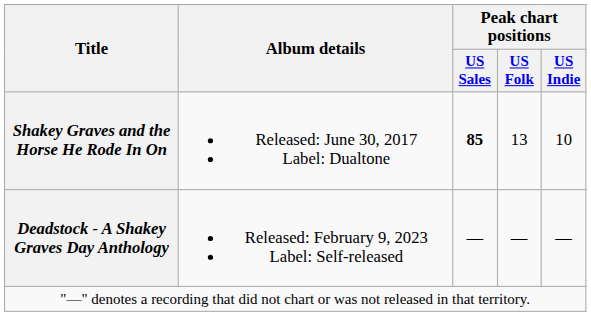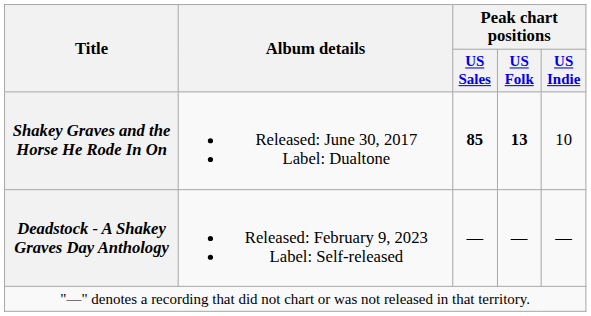 <table class="wikitable plainrowheaders" style="text-align:center;">
 <tr>
 <th scope="col" rowspan="2" style="width:10em;">Title</th>
 <th scope="col" rowspan="2" style="width:16em;">Album details</th>
 <th scope="col" colspan="3">Peak chart positions</th>
 </tr>
 <tr>
 <th scope="col" style="width:2.5em;font-size:90%;"><a href='#'>US<br>Sales</a><br></th>
 <th scope="col" style="width:2.5em;font-size:90%;"><a href='#'>US<br>Folk</a><br></th>
 <th scope="col" style="width:2.5em;font-size:90%;"><a href='#'>US<br> Indie</a><br></th>
 </tr>
 <tr>
 <th scope="row"><em>Shakey Graves and the Horse He Rode In On</em></th>
 <td><br><ul><li>Released: June 30, 2017</li><li>Label: Dualtone</li></ul></td>
 <td><strong>85</strong></td>
-<td>13</td>
+<td><strong>13</strong></td>
 <td>10</td>
 </tr>
 <tr>
 <th scope="row"><em>Deadstock - A Shakey Graves Day Anthology</em></th>
 <td><br><ul><li>Released: February 9, 2023</li><li>Label: Self-released</li></ul></td>
 <td>—</td>
 <td>—</td>
 <td>—</td>
 </tr>
 <tr>
 <td colspan="10" style="font-size:90%">"—" denotes a recording that did not chart or was not released in that territory.</td>
 </tr>
 </table>
